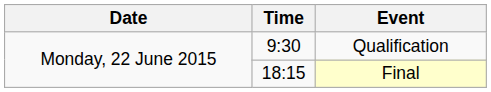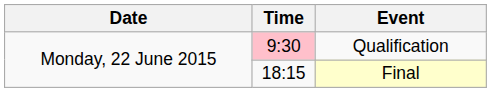 <table class = "wikitable" style="text-align:center;">
 <tr>
 <th width=220>Date</th>
 <th width=50>Time</th>
 <th width=150>Event</th>
 </tr>
 <tr>
 <td rowspan=2>Monday, 22 June 2015</td>
-<td>9:30</td>
+<td style="background: pink;">9:30</td>
 <td>Qualification</td>
 </tr>
 <tr>
 <td>18:15</td>
 <td bgcolor=ffffcc>Final</td>
 </tr>
 </table>
